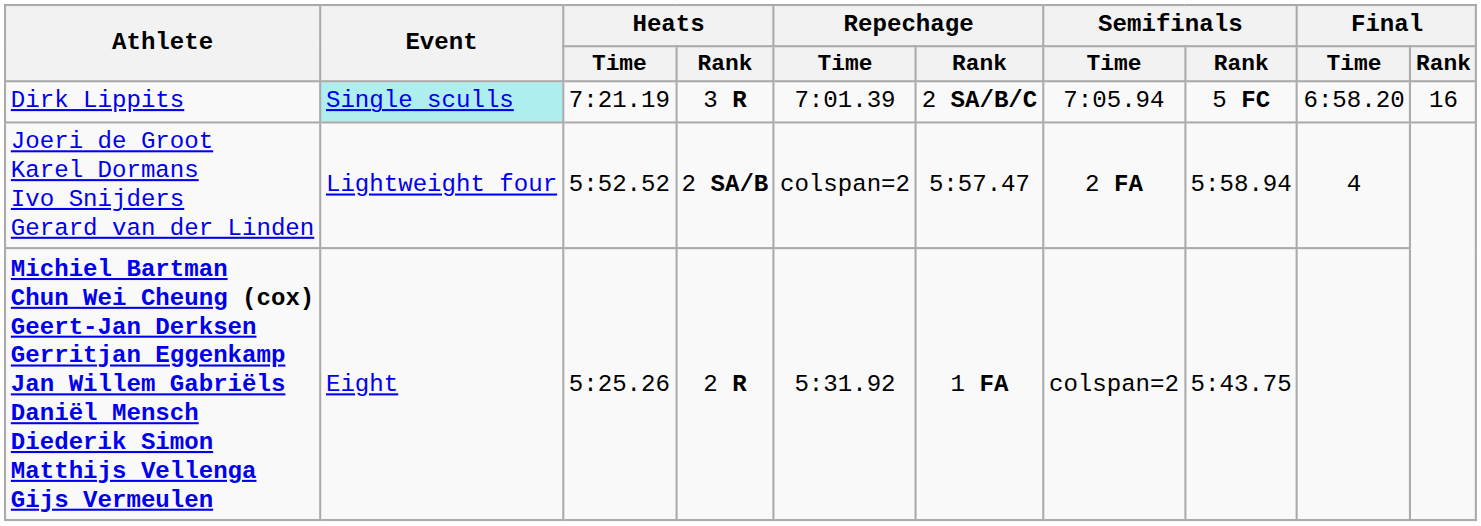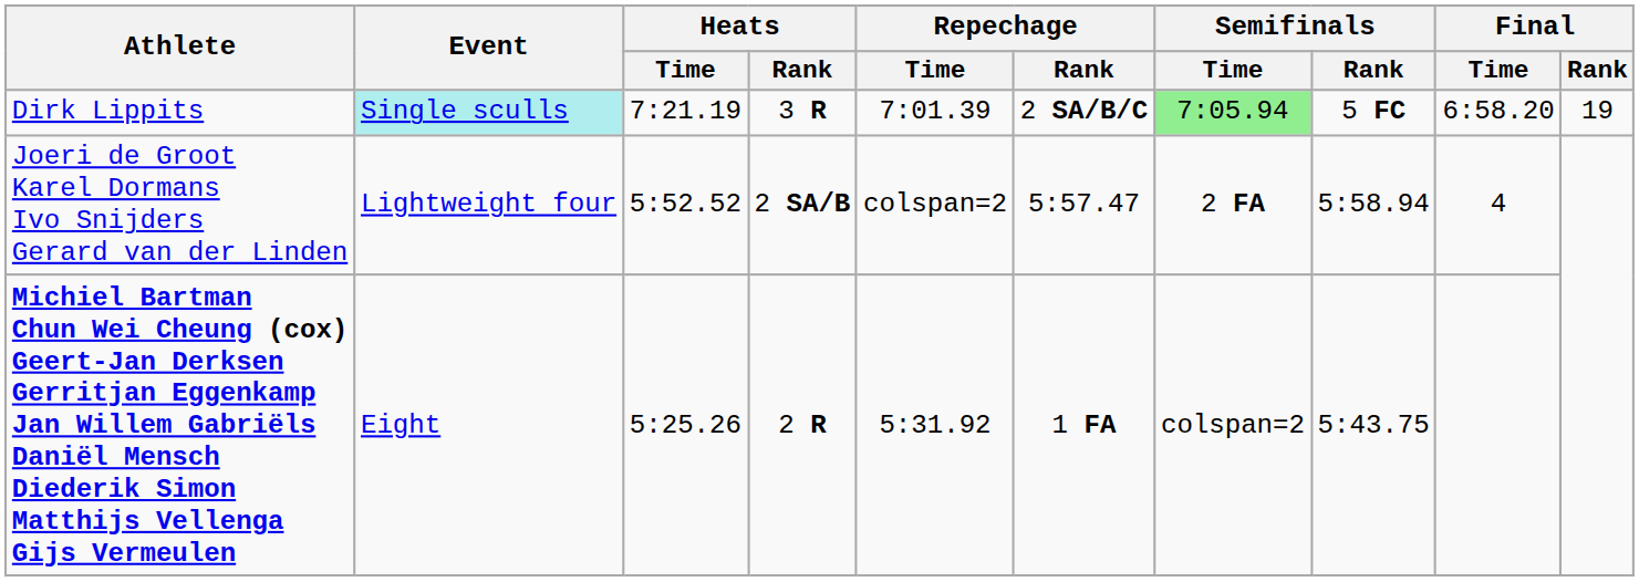 <table class="wikitable" style="font-size:90%;">
 <tr>
 <th rowspan="2">Athlete</th>
 <th rowspan="2">Event</th>
 <th colspan="2">Heats</th>
 <th colspan="2">Repechage</th>
 <th colspan="2">Semifinals</th>
 <th colspan="2">Final</th>
 </tr>
 <tr style="font-size:95%">
 <th>Time</th>
 <th>Rank</th>
 <th>Time</th>
 <th>Rank</th>
 <th>Time</th>
 <th>Rank</th>
 <th>Time</th>
 <th>Rank</th>
 </tr>
 <tr align=center>
 <td align=left><a href='#'>Dirk Lippits</a></td>
 <td align=left style="background: paleturquoise;"><a href='#'>Single sculls</a></td>
 <td>7:21.19</td>
 <td>3 <strong>R</strong></td>
 <td>7:01.39</td>
 <td>2 <strong>SA/B/C</strong></td>
-<td>7:05.94</td>
+<td style="background: lightgreen;">7:05.94</td>
 <td>5 <strong>FC</strong></td>
 <td>6:58.20</td>
-<td>16</td>
+<td>19</td>
 </tr>
 <tr align=center>
 <td align=left><a href='#'>Joeri de Groot</a><br><a href='#'>Karel Dormans</a><br><a href='#'>Ivo Snijders</a><br><a href='#'>Gerard van der Linden</a></td>
 <td align=left><a href='#'>Lightweight four</a></td>
 <td>5:52.52</td>
 <td>2 <strong>SA/B</strong></td>
 <td>colspan=2 </td>
 <td>5:57.47</td>
 <td>2 <strong>FA</strong></td>
 <td>5:58.94</td>
 <td>4</td>
 </tr>
 <tr align=center>
 <td align=left><strong><a href='#'>Michiel Bartman</a><br><a href='#'>Chun Wei Cheung</a> (cox)<br><a href='#'>Geert-Jan Derksen</a><br><a href='#'>Gerritjan Eggenkamp</a><br><a href='#'>Jan Willem Gabriëls</a><br><a href='#'>Daniël Mensch</a><br><a href='#'>Diederik Simon</a><br><a href='#'>Matthijs Vellenga</a><br><a href='#'>Gijs Vermeulen</a></strong></td>
 <td align=left><a href='#'>Eight</a></td>
 <td>5:25.26</td>
 <td>2 <strong>R</strong></td>
 <td>5:31.92</td>
 <td>1 <strong>FA</strong></td>
 <td>colspan=2 </td>
 <td>5:43.75</td>
 <td></td>
 </tr>
 </table>
